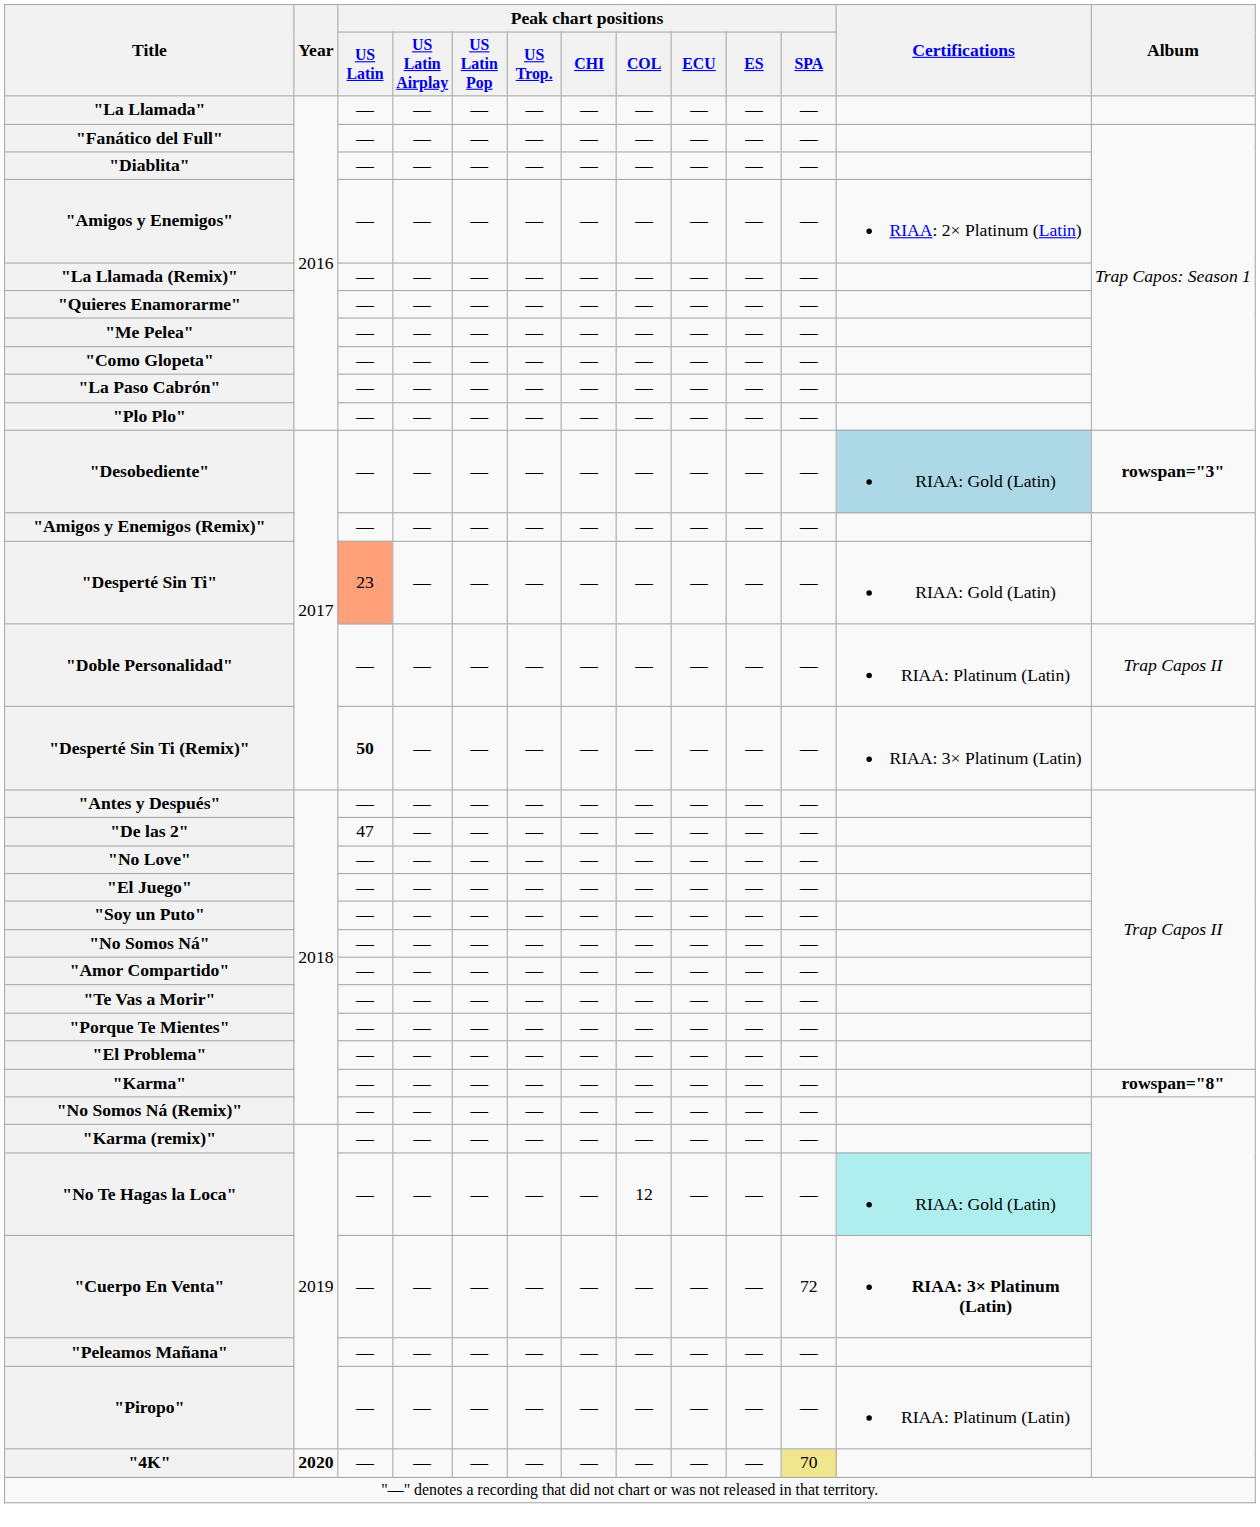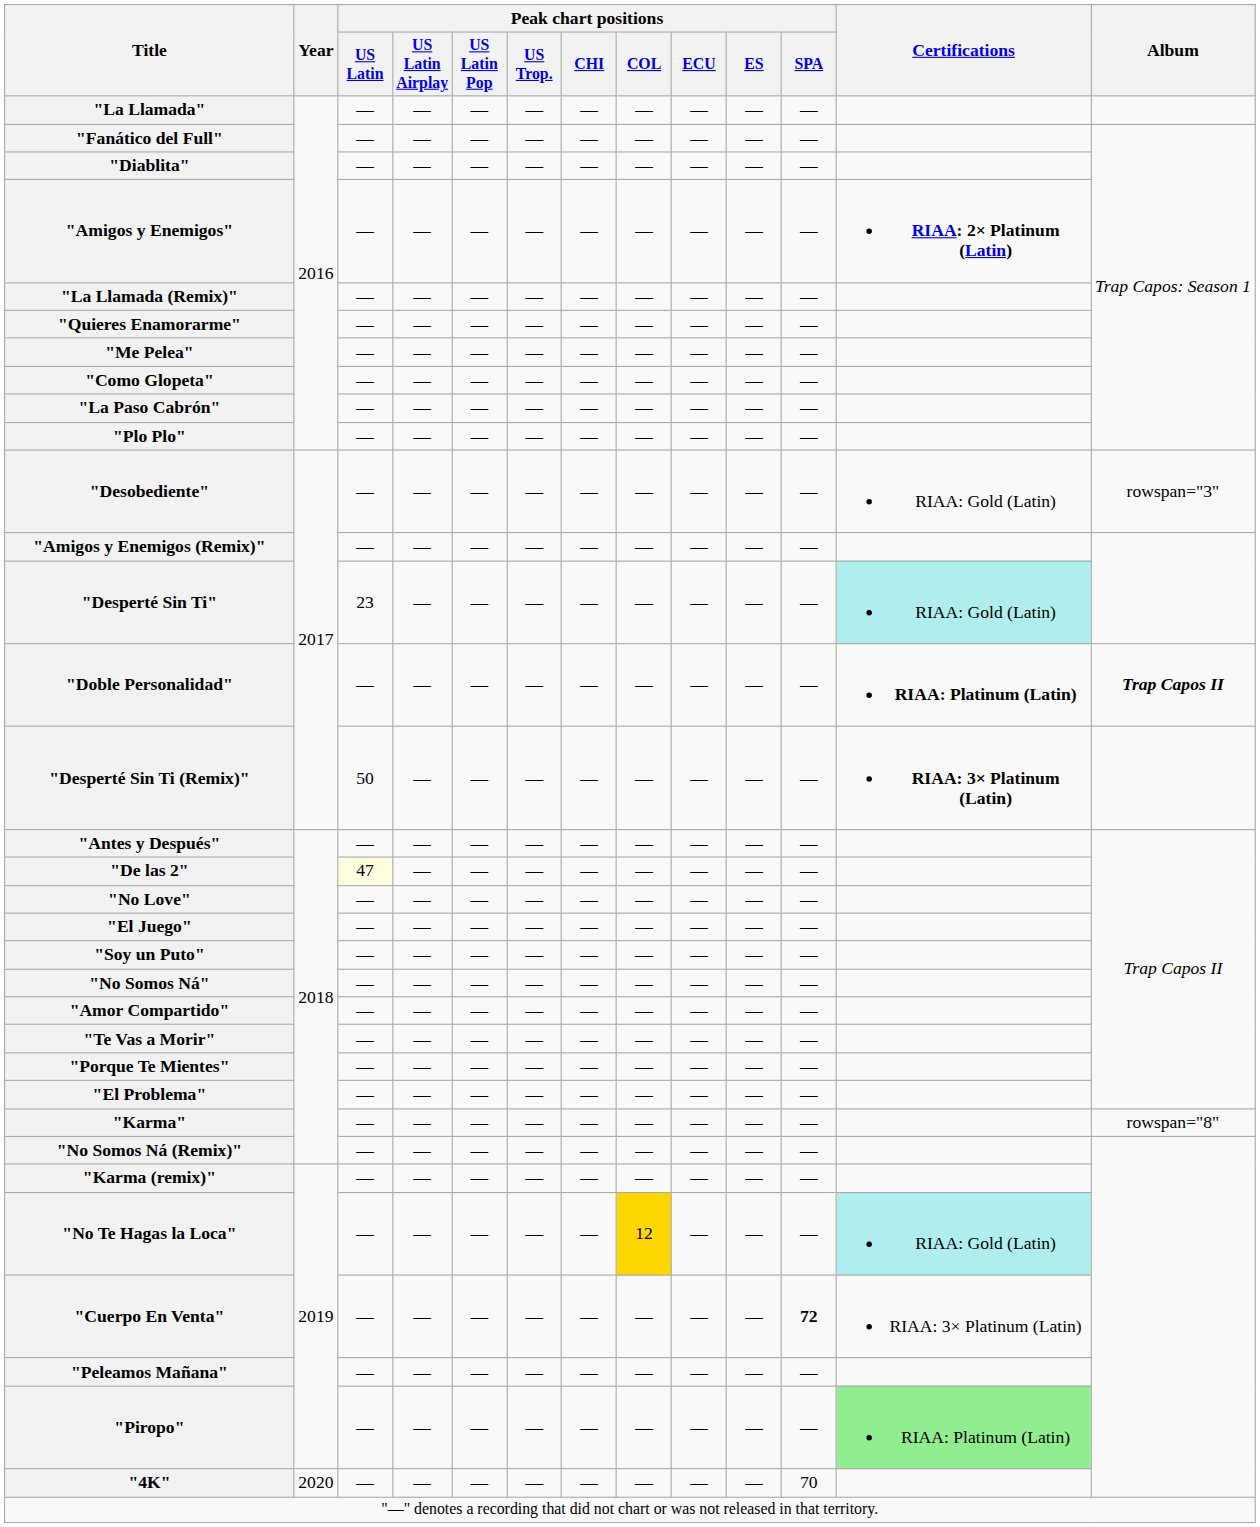 <table class="wikitable plainrowheaders" style="text-align:center;">
 <tr>
 <th scope="col" rowspan="2" style="width:16em;">Title</th>
 <th scope="col" rowspan="2">Year</th>
 <th scope="col" colspan="9">Peak chart positions</th>
 <th scope="col" rowspan="2" style="width:14em;"><a href='#'>Certifications</a></th>
 <th scope="col" rowspan="2">Album</th>
 </tr>
 <tr>
 <th scope="col" style="width:3em;font-size:90%;"><a href='#'>US<br>Latin</a></th>
 <th scope="col" style="width:3em;font-size:90%;"><a href='#'>US<br>Latin<br>Airplay</a></th>
 <th scope="col" style="width:3em;font-size:90%;"><a href='#'>US<br>Latin<br>Pop</a></th>
 <th scope="col" style="width:3em;font-size:90%;"><a href='#'>US<br>Trop.</a></th>
 <th scope="col" style="width:3em;font-size:90%;"><a href='#'>CHI</a></th>
 <th scope="col" style="width:3em;font-size:90%;"><a href='#'>COL</a></th>
 <th scope="col" style="width:3em;font-size:90%;"><a href='#'>ECU</a></th>
 <th scope="col" style="width:3em;font-size:90%;"><a href='#'>ES</a></th>
 <th scope="col" style="width:3em;font-size:90%;"><a href='#'>SPA</a></th>
 </tr>
 <tr>
 <th scope="row">"La Llamada"<br></th>
 <td rowspan="10">2016</td>
 <td>—</td>
 <td>—</td>
 <td>—</td>
 <td>—</td>
 <td>—</td>
 <td>—</td>
 <td>—</td>
 <td>—</td>
 <td>—</td>
 <td></td>
 <td></td>
 </tr>
 <tr>
 <th scope="row">"Fanático del Full"<br></th>
 <td>—</td>
 <td>—</td>
 <td>—</td>
 <td>—</td>
 <td>—</td>
 <td>—</td>
 <td>—</td>
 <td>—</td>
 <td>—</td>
 <td></td>
 <td rowspan="9"><em>Trap Capos: Season 1</em></td>
 </tr>
 <tr>
 <th scope="row">"Diablita"<br></th>
 <td>—</td>
 <td>—</td>
 <td>—</td>
 <td>—</td>
 <td>—</td>
 <td>—</td>
 <td>—</td>
 <td>—</td>
 <td>—</td>
 <td></td>
 </tr>
 <tr>
 <th scope="row">"Amigos y Enemigos"</th>
 <td>—</td>
 <td>—</td>
 <td>—</td>
 <td>—</td>
 <td>—</td>
 <td>—</td>
 <td>—</td>
 <td>—</td>
 <td>—</td>
-<td><br><ul><li><a href='#'>RIAA</a>: 2× Platinum (<a href='#'>Latin</a>)</li></ul></td>
+<td><strong><br><ul><li><a href='#'>RIAA</a>: 2× Platinum (<a href='#'>Latin</a>)</li></ul></strong></td>
 </tr>
 <tr>
 <th scope="row">"La Llamada (Remix)"<br></th>
 <td>—</td>
 <td>—</td>
 <td>—</td>
 <td>—</td>
 <td>—</td>
 <td>—</td>
 <td>—</td>
 <td>—</td>
 <td>—</td>
 <td></td>
 </tr>
 <tr>
 <th scope="row">"Quieres Enamorarme"<br></th>
 <td>—</td>
 <td>—</td>
 <td>—</td>
 <td>—</td>
 <td>—</td>
 <td>—</td>
 <td>—</td>
 <td>—</td>
 <td>—</td>
 <td></td>
 </tr>
 <tr>
 <th scope="row">"Me Pelea"<br></th>
 <td>—</td>
 <td>—</td>
 <td>—</td>
 <td>—</td>
 <td>—</td>
 <td>—</td>
 <td>—</td>
 <td>—</td>
 <td>—</td>
 <td></td>
 </tr>
 <tr>
 <th scope="row">"Como Glopeta"<br></th>
 <td>—</td>
 <td>—</td>
 <td>—</td>
 <td>—</td>
 <td>—</td>
 <td>—</td>
 <td>—</td>
 <td>—</td>
 <td>—</td>
 <td></td>
 </tr>
 <tr>
 <th scope="row">"La Paso Cabrón"<br></th>
 <td>—</td>
 <td>—</td>
 <td>—</td>
 <td>—</td>
 <td>—</td>
 <td>—</td>
 <td>—</td>
 <td>—</td>
 <td>—</td>
 <td></td>
 </tr>
 <tr>
 <th scope="row">"Plo Plo"<br></th>
 <td>—</td>
 <td>—</td>
 <td>—</td>
 <td>—</td>
 <td>—</td>
 <td>—</td>
 <td>—</td>
 <td>—</td>
 <td>—</td>
 <td></td>
 </tr>
 <tr>
 <th scope="row">"Desobediente"<br></th>
 <td rowspan="5">2017</td>
 <td>—</td>
 <td>—</td>
 <td>—</td>
 <td>—</td>
 <td>—</td>
 <td>—</td>
 <td>—</td>
 <td>—</td>
 <td>—</td>
-<td style="background: lightblue;"><br><ul><li>RIAA: Gold (Latin)</li></ul></td>
-<td><strong>rowspan="3" </strong></td>
+<td><br><ul><li>RIAA: Gold (Latin)</li></ul></td>
+<td>rowspan="3" </td>
 </tr>
 <tr>
 <th scope="row">"Amigos y Enemigos (Remix)"<br></th>
 <td>—</td>
 <td>—</td>
 <td>—</td>
 <td>—</td>
 <td>—</td>
 <td>—</td>
 <td>—</td>
 <td>—</td>
 <td>—</td>
 <td></td>
 </tr>
 <tr>
 <th scope="row">"Desperté Sin Ti"</th>
-<td style="background: lightsalmon;">23</td>
+<td>23</td>
 <td>—</td>
 <td>—</td>
 <td>—</td>
 <td>—</td>
 <td>—</td>
 <td>—</td>
 <td>—</td>
 <td>—</td>
-<td><br><ul><li>RIAA: Gold (Latin)</li></ul></td>
+<td style="background: paleturquoise;"><br><ul><li>RIAA: Gold (Latin)</li></ul></td>
 </tr>
 <tr>
 <th scope="row">"Doble Personalidad"<br></th>
 <td>—</td>
 <td>—</td>
 <td>—</td>
 <td>—</td>
 <td>—</td>
 <td>—</td>
 <td>—</td>
 <td>—</td>
 <td>—</td>
-<td><br><ul><li>RIAA: Platinum (Latin)</li></ul></td>
-<td><em>Trap Capos II</em></td>
+<td><strong><br><ul><li>RIAA: Platinum (Latin)</li></ul></strong></td>
+<td><strong><em>Trap Capos II</em></strong></td>
 </tr>
 <tr>
 <th scope="row">"Desperté Sin Ti (Remix)"<br></th>
-<td><strong>50</strong></td>
+<td>50</td>
 <td>—</td>
 <td>—</td>
 <td>—</td>
 <td>—</td>
 <td>—</td>
 <td>—</td>
 <td>—</td>
 <td>—</td>
-<td><br><ul><li>RIAA: 3× Platinum (Latin)</li></ul></td>
+<td><strong><br><ul><li>RIAA: 3× Platinum (Latin)</li></ul></strong></td>
 <td></td>
 </tr>
 <tr>
 <th scope="row">"Antes y Después"</th>
 <td rowspan="12">2018</td>
 <td>—</td>
 <td>—</td>
 <td>—</td>
 <td>—</td>
 <td>—</td>
 <td>—</td>
 <td>—</td>
 <td>—</td>
 <td>—</td>
 <td></td>
 <td rowspan="10"><em>Trap Capos II</em></td>
 </tr>
 <tr>
 <th scope="row">"De las 2"<br></th>
-<td>47</td>
+<td style="background: lightyellow;">47</td>
 <td>—</td>
 <td>—</td>
 <td>—</td>
 <td>—</td>
 <td>—</td>
 <td>—</td>
 <td>—</td>
 <td>—</td>
 <td></td>
 </tr>
 <tr>
 <th scope="row">"No Love"<br></th>
 <td>—</td>
 <td>—</td>
 <td>—</td>
 <td>—</td>
 <td>—</td>
 <td>—</td>
 <td>—</td>
 <td>—</td>
 <td>—</td>
 <td></td>
 </tr>
 <tr>
 <th scope="row">"El Juego"<br></th>
 <td>—</td>
 <td>—</td>
 <td>—</td>
 <td>—</td>
 <td>—</td>
 <td>—</td>
 <td>—</td>
 <td>—</td>
 <td>—</td>
 <td></td>
 </tr>
 <tr>
 <th scope="row">"Soy un Puto"<br></th>
 <td>—</td>
 <td>—</td>
 <td>—</td>
 <td>—</td>
 <td>—</td>
 <td>—</td>
 <td>—</td>
 <td>—</td>
 <td>—</td>
 <td></td>
 </tr>
 <tr>
 <th scope="row">"No Somos Ná"<br></th>
 <td>—</td>
 <td>—</td>
 <td>—</td>
 <td>—</td>
 <td>—</td>
 <td>—</td>
 <td>—</td>
 <td>—</td>
 <td>—</td>
 <td></td>
 </tr>
 <tr>
 <th scope="row">"Amor Compartido"<br></th>
 <td>—</td>
 <td>—</td>
 <td>—</td>
 <td>—</td>
 <td>—</td>
 <td>—</td>
 <td>—</td>
 <td>—</td>
 <td>—</td>
 <td></td>
 </tr>
 <tr>
 <th scope="row">"Te Vas a Morir"<br></th>
 <td>—</td>
 <td>—</td>
 <td>—</td>
 <td>—</td>
 <td>—</td>
 <td>—</td>
 <td>—</td>
 <td>—</td>
 <td>—</td>
 <td></td>
 </tr>
 <tr>
 <th scope="row">"Porque Te Mientes"<br></th>
 <td>—</td>
 <td>—</td>
 <td>—</td>
 <td>—</td>
 <td>—</td>
 <td>—</td>
 <td>—</td>
 <td>—</td>
 <td>—</td>
 <td></td>
 </tr>
 <tr>
 <th scope="row">"El Problema"</th>
 <td>—</td>
 <td>—</td>
 <td>—</td>
 <td>—</td>
 <td>—</td>
 <td>—</td>
 <td>—</td>
 <td>—</td>
 <td>—</td>
 <td></td>
 </tr>
 <tr>
 <th scope="row">"Karma"</th>
 <td>—</td>
 <td>—</td>
 <td>—</td>
 <td>—</td>
 <td>—</td>
 <td>—</td>
 <td>—</td>
 <td>—</td>
 <td>—</td>
 <td></td>
-<td><strong>rowspan="8" </strong></td>
+<td>rowspan="8" </td>
 </tr>
 <tr>
 <th scope="row">"No Somos Ná (Remix)"<br></th>
 <td>—</td>
 <td>—</td>
 <td>—</td>
 <td>—</td>
 <td>—</td>
 <td>—</td>
 <td>—</td>
 <td>—</td>
 <td>—</td>
 <td></td>
 </tr>
 <tr>
 <th scope="row">"Karma (remix)"<br></th>
 <td rowspan="5">2019</td>
 <td>—</td>
 <td>—</td>
 <td>—</td>
 <td>—</td>
 <td>—</td>
 <td>—</td>
 <td>—</td>
 <td>—</td>
 <td>—</td>
 <td></td>
 </tr>
 <tr>
 <th scope="row">"No Te Hagas la Loca"<br></th>
 <td>—</td>
 <td>—</td>
 <td>—</td>
 <td>—</td>
 <td>—</td>
-<td>12</td>
+<td style="background: gold;">12</td>
 <td>—</td>
 <td>—</td>
 <td>—</td>
 <td style="background: paleturquoise;"><br><ul><li>RIAA: Gold (Latin)</li></ul></td>
 </tr>
 <tr>
 <th scope="row">"Cuerpo En Venta"<br></th>
 <td>—</td>
 <td>—</td>
 <td>—</td>
 <td>—</td>
 <td>—</td>
 <td>—</td>
 <td>—</td>
 <td>—</td>
-<td>72<br></td>
-<td><strong><br><ul><li>RIAA: 3× Platinum (Latin)</li></ul></strong></td>
+<td><strong>72<br></strong></td>
+<td><br><ul><li>RIAA: 3× Platinum (Latin)</li></ul></td>
 </tr>
 <tr>
 <th scope="row">"Peleamos Mañana"<br></th>
 <td>—</td>
 <td>—</td>
 <td>—</td>
 <td>—</td>
 <td>—</td>
 <td>—</td>
 <td>—</td>
 <td>—</td>
 <td>—</td>
 <td></td>
 </tr>
 <tr>
 <th scope="row">"Piropo"</th>
 <td>—</td>
 <td>—</td>
 <td>—</td>
 <td>—</td>
 <td>—</td>
 <td>—</td>
 <td>—</td>
 <td>—</td>
 <td>—</td>
-<td><br><ul><li>RIAA: Platinum (Latin)</li></ul></td>
+<td style="background: lightgreen;"><br><ul><li>RIAA: Platinum (Latin)</li></ul></td>
 </tr>
 <tr>
 <th scope="row">"4K"<br></th>
-<td><strong>2020</strong></td>
+<td>2020</td>
 <td>—</td>
 <td>—</td>
 <td>—</td>
 <td>—</td>
 <td>—</td>
 <td>—</td>
 <td>—</td>
 <td>—</td>
-<td style="background: khaki;">70<br></td>
+<td>70<br></td>
 <td></td>
 </tr>
 <tr>
 <td colspan="15" style="font-size:90%">"—" denotes a recording that did not chart or was not released in that territory.</td>
 </tr>
 </table>
